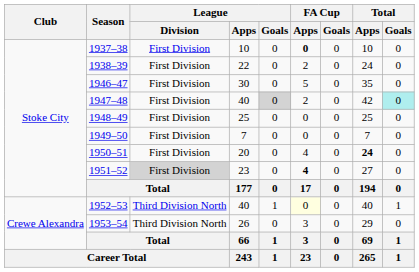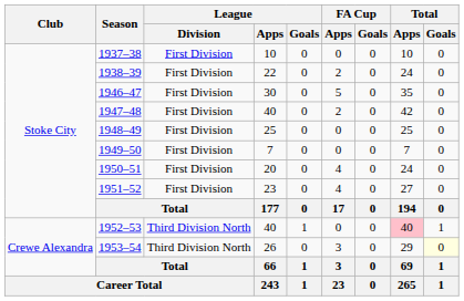 <table class="wikitable" style="text-align: center;">
 <tr>
 <th rowspan="2">Club</th>
 <th rowspan="2">Season</th>
 <th colspan="3">League</th>
 <th colspan="2">FA Cup</th>
 <th colspan="2">Total</th>
 </tr>
 <tr>
 <th>Division</th>
 <th>Apps</th>
 <th>Goals</th>
 <th>Apps</th>
 <th>Goals</th>
 <th>Apps</th>
 <th>Goals</th>
 </tr>
 <tr>
 <td rowspan="9"><a href='#'>Stoke City</a></td>
 <td><a href='#'>1937–38</a></td>
 <td><a href='#'>First Division</a></td>
 <td>10</td>
 <td>0</td>
-<td><strong>0</strong></td>
+<td>0</td>
 <td>0</td>
 <td>10</td>
 <td>0</td>
 </tr>
 <tr>
 <td><a href='#'>1938–39</a></td>
 <td>First Division</td>
 <td>22</td>
 <td>0</td>
 <td>2</td>
 <td>0</td>
 <td>24</td>
 <td>0</td>
 </tr>
 <tr>
 <td><a href='#'>1946–47</a></td>
 <td>First Division</td>
 <td>30</td>
 <td>0</td>
 <td>5</td>
 <td>0</td>
 <td>35</td>
 <td>0</td>
 </tr>
 <tr>
 <td><a href='#'>1947–48</a></td>
 <td>First Division</td>
 <td>40</td>
-<td style="background: lightgrey;">0</td>
+<td>0</td>
 <td>2</td>
 <td>0</td>
 <td>42</td>
-<td style="background: paleturquoise;">0</td>
+<td>0</td>
 </tr>
 <tr>
 <td><a href='#'>1948–49</a></td>
 <td>First Division</td>
 <td>25</td>
 <td>0</td>
 <td>0</td>
 <td>0</td>
 <td>25</td>
 <td>0</td>
 </tr>
 <tr>
 <td><a href='#'>1949–50</a></td>
 <td>First Division</td>
 <td>7</td>
 <td>0</td>
 <td>0</td>
 <td>0</td>
 <td>7</td>
 <td>0</td>
 </tr>
 <tr>
 <td><a href='#'>1950–51</a></td>
 <td>First Division</td>
 <td>20</td>
 <td>0</td>
 <td>4</td>
 <td>0</td>
-<td><strong>24</strong></td>
+<td>24</td>
 <td>0</td>
 </tr>
 <tr>
 <td><a href='#'>1951–52</a></td>
-<td style="background: lightgrey;">First Division</td>
+<td>First Division</td>
 <td>23</td>
 <td>0</td>
-<td><strong>4</strong></td>
+<td>4</td>
 <td>0</td>
 <td>27</td>
 <td>0</td>
 </tr>
 <tr>
 <th colspan=2>Total</th>
 <th>177</th>
 <th>0</th>
 <th>17</th>
 <th>0</th>
 <th>194</th>
 <th>0</th>
 </tr>
 <tr>
 <td rowspan="3"><a href='#'>Crewe Alexandra</a></td>
 <td><a href='#'>1952–53</a></td>
 <td><a href='#'>Third Division North</a></td>
 <td>40</td>
 <td>1</td>
-<td style="background: lightyellow;">0</td>
 <td>0</td>
-<td>40</td>
+<td>0</td>
+<td style="background: pink;">40</td>
 <td>1</td>
 </tr>
 <tr>
 <td><a href='#'>1953–54</a></td>
 <td>Third Division North</td>
 <td>26</td>
 <td>0</td>
 <td>3</td>
 <td>0</td>
 <td>29</td>
-<td>0</td>
+<td style="background: lightyellow;">0</td>
 </tr>
 <tr>
 <th colspan=2>Total</th>
 <th>66</th>
 <th>1</th>
 <th>3</th>
 <th>0</th>
 <th>69</th>
 <th>1</th>
 </tr>
 <tr>
 <th colspan="3">Career Total</th>
 <th>243</th>
 <th>1</th>
 <th>23</th>
 <th>0</th>
 <th>265</th>
 <th>1</th>
 </tr>
 </table>
